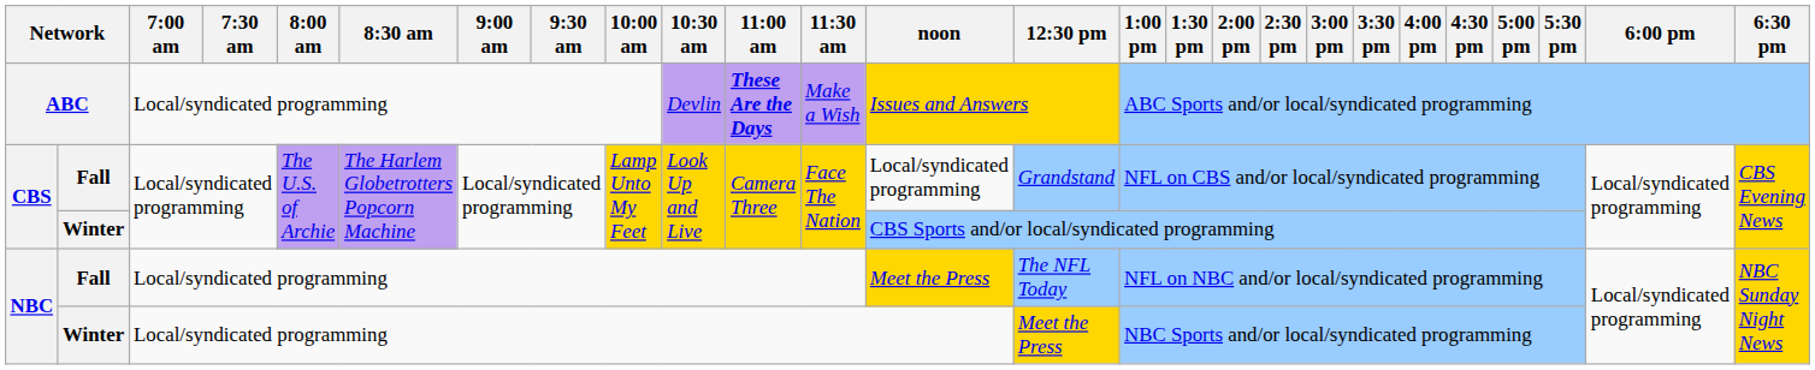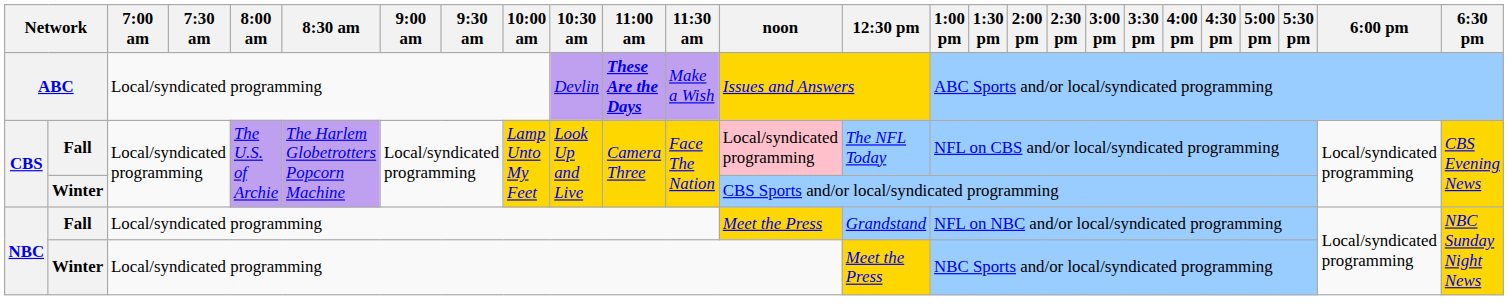 <table class="wikitable" style="font-size:90%">
 <tr>
 <th colspan="2" width="1.5%" bgcolor="#C0C0C0">Network</th>
 <th width="4%" bgcolor="#C0C0C0">7:00 am</th>
 <th width="4%" bgcolor="#C0C0C0">7:30 am</th>
 <th width="4%" bgcolor="#C0C0C0">8:00 am</th>
 <th width="4%" bgcolor="#C0C0C0">8:30 am</th>
 <th width="4%" bgcolor="#C0C0C0">9:00 am</th>
 <th width="4%" bgcolor="#C0C0C0">9:30 am</th>
 <th width="4%" bgcolor="#C0C0C0">10:00 am</th>
 <th width="4%" bgcolor="#C0C0C0">10:30 am</th>
 <th width="4%" bgcolor="#C0C0C0">11:00 am</th>
 <th width="4%" bgcolor="#C0C0C0">11:30 am</th>
 <th width="4%" bgcolor="#C0C0C0">noon</th>
 <th width="4%" bgcolor="#C0C0C0">12:30 pm</th>
 <th width="4%" bgcolor="#C0C0C0">1:00 pm</th>
 <th width="4%" bgcolor="#C0C0C0">1:30 pm</th>
 <th width="4%" bgcolor="#C0C0C0">2:00 pm</th>
 <th width="4%" bgcolor="#C0C0C0">2:30 pm</th>
 <th width="4%" bgcolor="#C0C0C0">3:00 pm</th>
 <th width="4%" bgcolor="#C0C0C0">3:30 pm</th>
 <th width="4%" bgcolor="#C0C0C0">4:00 pm</th>
 <th width="4%" bgcolor="#C0C0C0">4:30 pm</th>
 <th width="4%" bgcolor="#C0C0C0">5:00 pm</th>
 <th width="4%" bgcolor="#C0C0C0">5:30 pm</th>
 <th width="4%" bgcolor="#C0C0C0">6:00 pm</th>
 <th width="4%" bgcolor="#C0C0C0">6:30 pm</th>
 </tr>
 <tr>
 <th colspan="2" bgcolor="#C0C0C0"><a href='#'>ABC</a></th>
 <td colspan="7">Local/syndicated programming</td>
 <td bgcolor="bf9fef"><em><a href='#'>Devlin</a></em> </td>
 <td bgcolor="bf9fef"><strong><em><a href='#'>These Are the Days</a></em> </strong></td>
 <td bgcolor="bf9fef"><em><a href='#'>Make a Wish</a></em></td>
 <td colspan="2" bgcolor="gold"><em><a href='#'>Issues and Answers</a></em></td>
 <td colspan="12" bgcolor="99ccff"><a href='#'>ABC Sports</a> and/or local/syndicated programming</td>
 </tr>
 <tr>
 <th rowspan="2" bgcolor="#C0C0C0"><a href='#'>CBS</a></th>
 <th>Fall</th>
 <td colspan="2" rowspan="2">Local/syndicated programming</td>
 <td rowspan="2" bgcolor="bf9fef"><em><a href='#'>The U.S. of Archie</a></em> </td>
 <td rowspan="2" bgcolor="bf9fef"><em><a href='#'>The Harlem Globetrotters Popcorn Machine</a></em> </td>
 <td colspan="2" rowspan="2">Local/syndicated programming</td>
 <td rowspan="2" bgcolor="gold"><em><a href='#'>Lamp Unto My Feet</a></em></td>
 <td rowspan="2" bgcolor="gold"><em><a href='#'>Look Up and Live</a></em></td>
 <td rowspan="2" bgcolor="gold"><em><a href='#'>Camera Three</a></em></td>
 <td rowspan="2" bgcolor="gold"><em><a href='#'>Face The Nation</a></em></td>
-<td>Local/syndicated programming</td>
-<td bgcolor="99ccff"><em><a href='#'>Grandstand</a></em></td>
+<td style="background: pink;">Local/syndicated programming</td>
+<td bgcolor="99ccff"><em><a href='#'>The NFL Today</a></em></td>
 <td colspan="10" bgcolor="99ccff"><a href='#'>NFL on CBS</a> and/or local/syndicated programming</td>
 <td rowspan="2">Local/syndicated programming</td>
 <td rowspan="2" bgcolor="gold"><em><a href='#'>CBS Evening News</a></em></td>
 </tr>
 <tr>
 <th>Winter</th>
 <td colspan="12" bgcolor="99ccff"><a href='#'>CBS Sports</a> and/or local/syndicated programming</td>
 </tr>
 <tr>
 <th rowspan="2"><a href='#'>NBC</a></th>
 <th>Fall</th>
 <td colspan="10">Local/syndicated programming</td>
 <td bgcolor="gold"><em><a href='#'>Meet the Press</a></em></td>
-<td bgcolor="99ccff"><em><a href='#'>The NFL Today</a></em></td>
+<td bgcolor="99ccff"><em><a href='#'>Grandstand</a></em></td>
 <td colspan="10" bgcolor="99ccff"><a href='#'>NFL on NBC</a> and/or local/syndicated programming</td>
 <td rowspan="2">Local/syndicated programming</td>
 <td rowspan="2" bgcolor="gold"><em><a href='#'>NBC Sunday Night News</a></em></td>
 </tr>
 <tr>
 <th>Winter</th>
 <td colspan="11">Local/syndicated programming</td>
 <td bgcolor="gold"><em><a href='#'>Meet the Press</a></em></td>
 <td colspan="10" bgcolor="99ccff"><a href='#'>NBC Sports</a> and/or local/syndicated programming</td>
 </tr>
 </table>
